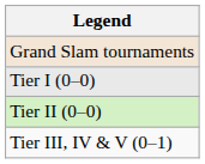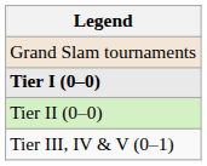 <table class=wikitable style="font-size:90%">
 <tr>
 <th>Legend</th>
 </tr>
 <tr>
 <td style="background:#f3e6d7;">Grand Slam tournaments</td>
 </tr>
 <tr>
-<td style="background:#e9e9e9;">Tier I (0–0)</td>
+<td style="background:#e9e9e9;"><strong>Tier I (0–0)</strong></td>
 </tr>
 <tr>
 <td style="background:#d4f1c5;">Tier II (0–0)</td>
 </tr>
 <tr>
 <td>Tier III, IV & V (0–1)</td>
 </tr>
 </table>
